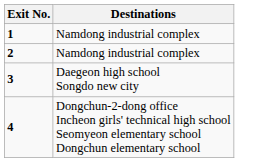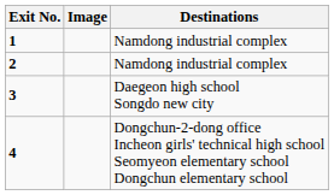 <table class="wikitable">
 <tr>
 <th>Exit No.</th>
+<th>Image</th>
 <th>Destinations</th>
 </tr>
 <tr>
 <td><span><strong>1</strong></span></td>
+<td></td>
 <td>Namdong industrial complex</td>
 </tr>
 <tr>
 <td><span><strong>2</strong></span></td>
+<td></td>
 <td>Namdong industrial complex</td>
 </tr>
 <tr>
 <td><span><strong>3</strong></span></td>
+<td></td>
 <td>Daegeon high school<br>Songdo new city</td>
 </tr>
 <tr>
 <td><span><strong>4</strong></span></td>
+<td></td>
 <td>Dongchun-2-dong office<br>Incheon girls' technical high school<br>Seomyeon elementary school<br>Dongchun elementary school</td>
 </tr>
 </table>
